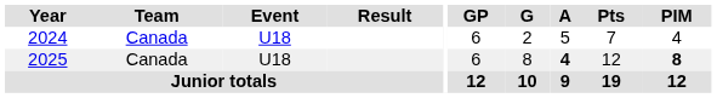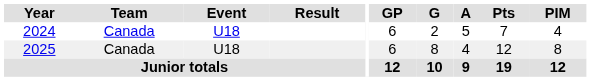 <table border="0" cellpadding="1" cellspacing="0" ID="Table3" style="text-align:center; width:40em">
 <tr ALIGN="center" bgcolor="#e0e0e0">
 <th>Year</th>
 <th>Team</th>
 <th>Event</th>
 <th>Result</th>
 <th rowspan="99" bgcolor="#ffffff"></th>
 <th>GP</th>
 <th>G</th>
 <th>A</th>
 <th>Pts</th>
 <th>PIM</th>
 </tr>
 <tr>
 <td><a href='#'>2024</a></td>
 <td><a href='#'>Canada</a></td>
 <td><a href='#'>U18</a></td>
 <td></td>
 <td>6</td>
 <td>2</td>
 <td>5</td>
 <td>7</td>
 <td>4</td>
 </tr>
 <tr bgcolor="#f0f0f0">
 <td><a href='#'>2025</a></td>
 <td>Canada</td>
 <td>U18</td>
 <td></td>
 <td>6</td>
 <td>8</td>
-<td><strong>4</strong></td>
+<td>4</td>
 <td>12</td>
-<td><strong>8</strong></td>
+<td>8</td>
 </tr>
 <tr bgcolor="#e0e0e0">
 <th colspan="4">Junior totals</th>
 <th>12</th>
 <th>10</th>
 <th>9</th>
 <th>19</th>
 <th>12</th>
 </tr>
 </table>
